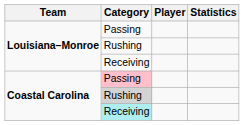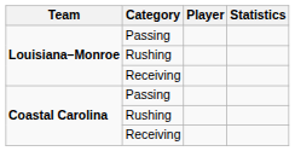 <table class="wikitable" style="float: right;">
 <tr>
 <th>Team</th>
 <th>Category</th>
 <th>Player</th>
 <th>Statistics</th>
 </tr>
 <tr>
 <td rowspan=3><strong>Louisiana–Monroe</strong></td>
 <td>Passing</td>
 <td></td>
 <td></td>
 </tr>
 <tr>
 <td>Rushing</td>
 <td></td>
 <td></td>
 </tr>
 <tr>
 <td>Receiving</td>
 <td></td>
 <td></td>
 </tr>
 <tr>
 <td rowspan=3><strong>Coastal Carolina</strong></td>
-<td style="background: pink;">Passing</td>
+<td>Passing</td>
 <td></td>
 <td></td>
 </tr>
 <tr>
-<td style="background: lightgrey;">Rushing</td>
+<td>Rushing</td>
 <td></td>
 <td></td>
 </tr>
 <tr>
-<td style="background: paleturquoise;">Receiving</td>
+<td>Receiving</td>
 <td></td>
 <td></td>
 </tr>
 </table>
